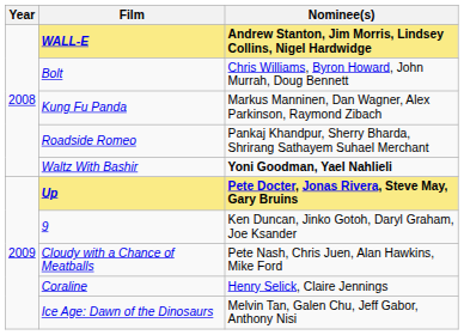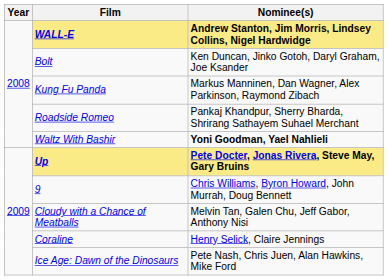 <table class="wikitable" width="95%" cellpadding="5">
 <tr>
 <th width="5%">Year</th>
 <th width="40%">Film</th>
 <th width="50%">Nominee(s)</th>
 </tr>
 <tr>
 <td rowspan="5" style="text-align:center;"><a href='#'>2008</a><br></td>
 <td style="background:#FAEB86;"><strong><em><a href='#'>WALL-E</a></em></strong></td>
 <td style="background:#FAEB86;"><strong>Andrew Stanton, Jim Morris, Lindsey Collins, Nigel Hardwidge</strong></td>
 </tr>
 <tr>
 <td><em><a href='#'>Bolt</a></em></td>
-<td><a href='#'>Chris Williams</a>, <a href='#'>Byron Howard</a>, John Murrah, Doug Bennett</td>
+<td>Ken Duncan, Jinko Gotoh, Daryl Graham, Joe Ksander</td>
 </tr>
 <tr>
 <td><em><a href='#'>Kung Fu Panda</a></em></td>
 <td>Markus Manninen, Dan Wagner, Alex Parkinson, Raymond Zibach</td>
 </tr>
 <tr>
 <td><em><a href='#'>Roadside Romeo</a></em></td>
 <td>Pankaj Khandpur, Sherry Bharda, Shrirang Sathayem Suhael Merchant</td>
 </tr>
 <tr>
 <td><em><a href='#'>Waltz With Bashir</a></em></td>
 <td><strong>Yoni Goodman, Yael Nahlieli</strong></td>
 </tr>
 <tr>
 <td rowspan="5" style="text-align:center;"><a href='#'>2009</a><br></td>
 <td style="background:#FAEB86;"><strong><em><a href='#'>Up</a></em></strong></td>
 <td style="background:#FAEB86;"><strong><a href='#'>Pete Docter</a>, <a href='#'>Jonas Rivera</a>, Steve May, Gary Bruins</strong></td>
 </tr>
 <tr>
 <td><em><a href='#'>9</a></em></td>
-<td>Ken Duncan, Jinko Gotoh, Daryl Graham, Joe Ksander</td>
+<td><a href='#'>Chris Williams</a>, <a href='#'>Byron Howard</a>, John Murrah, Doug Bennett</td>
 </tr>
 <tr>
 <td><em><a href='#'>Cloudy with a Chance of Meatballs</a></em></td>
-<td>Pete Nash, Chris Juen, Alan Hawkins, Mike Ford</td>
+<td>Melvin Tan, Galen Chu, Jeff Gabor, Anthony Nisi</td>
 </tr>
 <tr>
 <td><em><a href='#'>Coraline</a></em></td>
 <td><a href='#'>Henry Selick</a>, Claire Jennings</td>
 </tr>
 <tr>
 <td><em><a href='#'>Ice Age: Dawn of the Dinosaurs</a></em></td>
-<td>Melvin Tan, Galen Chu, Jeff Gabor, Anthony Nisi</td>
+<td>Pete Nash, Chris Juen, Alan Hawkins, Mike Ford</td>
 </tr>
 </table>
